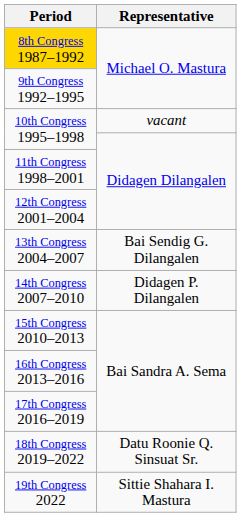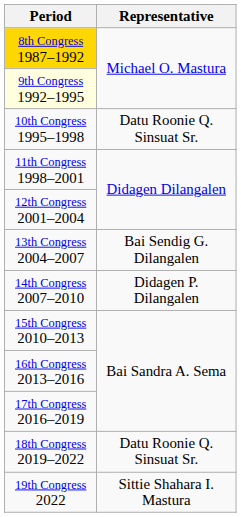 <table class="wikitable" style="text-align:center; width:40%;">
 <tr>
 <th width="40%">Period</th>
 <th>Representative</th>
 </tr>
 <tr>
 <td style="background: gold;"><small><a href='#'>8th Congress</a></small><br>1987–1992</td>
 <td rowspan="2"><a href='#'>Michael O. Mastura</a></td>
 </tr>
 <tr>
-<td><small><a href='#'>9th Congress</a></small><br>1992–1995</td>
+<td style="background: lightyellow;"><small><a href='#'>9th Congress</a></small><br>1992–1995</td>
 </tr>
 <tr>
 <td rowspan="2"><small><a href='#'>10th Congress</a></small><br>1995–1998</td>
-<td><em>vacant</em></td>
+<td>Datu Roonie Q. Sinsuat Sr.</td>
 </tr>
 <tr>
 <td rowspan="3"><a href='#'>Didagen Dilangalen</a></td>
 </tr>
 <tr>
 <td><small><a href='#'>11th Congress</a></small><br>1998–2001</td>
 </tr>
 <tr>
 <td><small><a href='#'>12th Congress</a></small><br>2001–2004</td>
 </tr>
 <tr>
 <td><small><a href='#'>13th Congress</a></small><br>2004–2007</td>
 <td>Bai Sendig G. Dilangalen</td>
 </tr>
 <tr>
 <td><small><a href='#'>14th Congress</a></small><br>2007–2010</td>
 <td>Didagen P. Dilangalen</td>
 </tr>
 <tr>
 <td><small><a href='#'>15th Congress</a></small><br>2010–2013</td>
 <td rowspan="3">Bai Sandra A. Sema</td>
 </tr>
 <tr>
 <td><small><a href='#'>16th Congress</a></small><br>2013–2016</td>
 </tr>
 <tr>
 <td><small><a href='#'>17th Congress</a></small><br>2016–2019</td>
 </tr>
 <tr>
 <td><small><a href='#'>18th Congress</a></small><br>2019–2022</td>
 <td>Datu Roonie Q. Sinsuat Sr.</td>
 </tr>
 <tr>
 <td><small><a href='#'>19th Congress</a></small><br>2022</td>
 <td>Sittie Shahara I. Mastura</td>
 </tr>
 </table>
